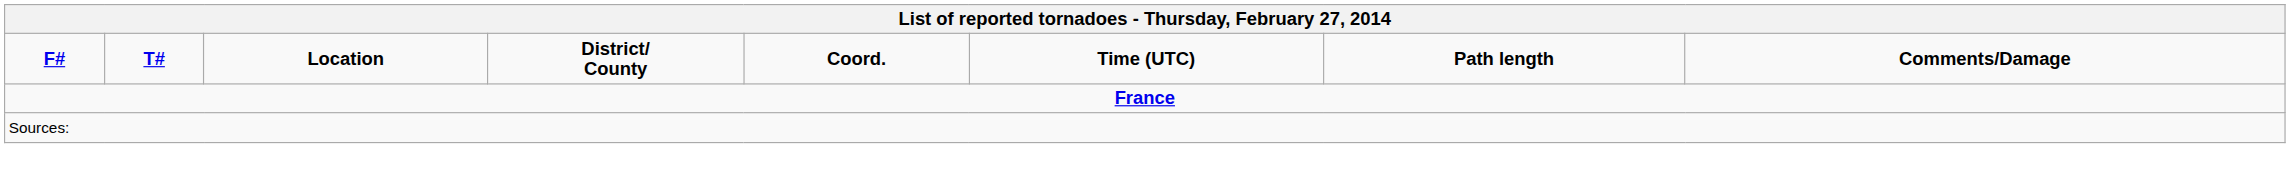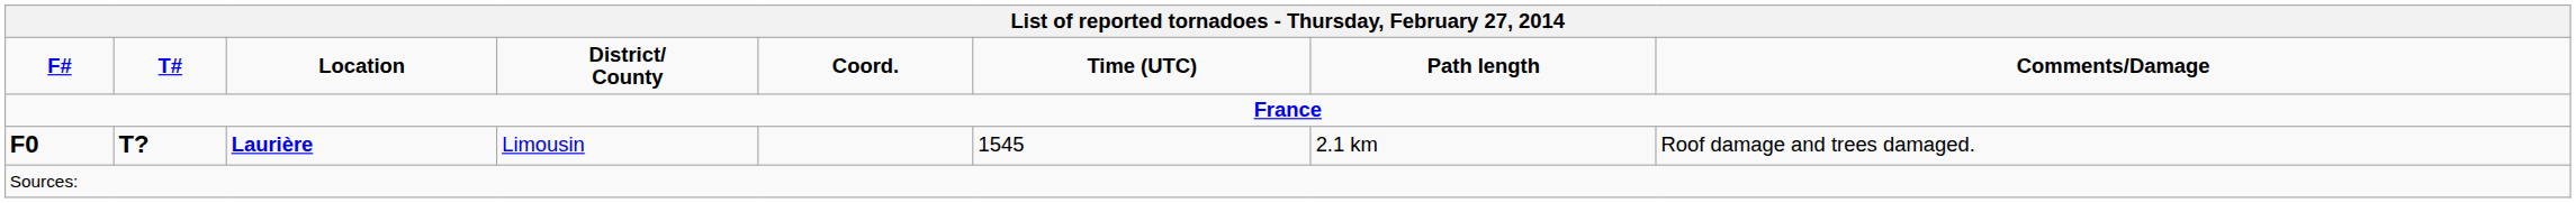 <table class="wikitable collapsible" width="100%">
 <tr>
 <th colspan="8">List of reported tornadoes - Thursday, February 27, 2014</th>
 </tr>
 <tr>
 <td style="text-align: center;"><strong><a href='#'>F#</a></strong></td>
 <td style="text-align: center;"><strong><a href='#'>T#</a></strong></td>
 <td style="text-align: center;"><strong>Location</strong></td>
 <td style="text-align: center;"><strong>District/<br>County</strong></td>
 <td style="text-align: center;"><strong>Coord.</strong></td>
 <td style="text-align: center;"><strong>Time (UTC)</strong></td>
 <td style="text-align: center;"><strong>Path length</strong></td>
 <td style="text-align: center;"><strong>Comments/Damage</strong></td>
 </tr>
 <tr>
 <td colspan="8" align=center><strong><a href='#'>France</a></strong></td>
 </tr>
 <tr>
+<td><big><strong>F0</strong></big></td>
+<td><big><strong>T?</strong></big></td>
+<td><strong><a href='#'>Laurière</a></strong></td>
+<td><a href='#'>Limousin</a></td>
+<td></td>
+<td>1545</td>
+<td>2.1 km</td>
+<td>Roof damage and trees damaged.</td>
+</tr>
+<tr>
 <td colspan="8"><small>Sources:</small></td>
 </tr>
 </table>
